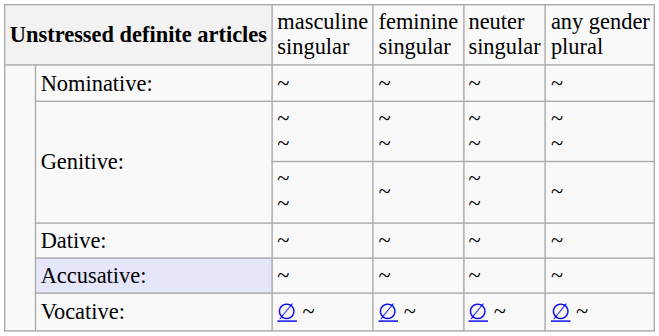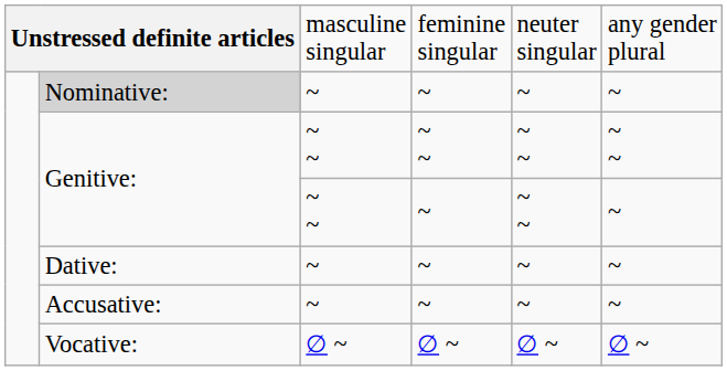 <table class="wikitable">
 <tr>
 <th colspan="2"><strong>Unstressed definite articles</strong></th>
 <td>masculine<br>singular</td>
 <td>feminine<br>singular</td>
 <td>neuter<br>singular</td>
 <td>any gender<br>plural</td>
 </tr>
 <tr>
 <td rowspan="6" style="width:5en"> </td>
-<td>Nominative:</td>
+<td style="background: lightgrey;">Nominative:</td>
 <td><em></em> ~</td>
 <td><em></em> ~</td>
 <td><em></em> ~</td>
 <td><em></em> ~</td>
 </tr>
 <tr>
 <td rowspan="2">Genitive:</td>
 <td><em></em> ~ <em></em> <br> <em></em> ~ <em></em></td>
 <td><em></em> ~ <em></em><br> <em></em> ~ <em></em></td>
 <td><em></em> ~ <em></em> <br> <em></em> ~ <em></em></td>
 <td><em></em> ~ <em></em> <br> <em></em> ~ <em></em></td>
 </tr>
 <tr>
 <td><em></em> ~ <br> <em></em> ~</td>
 <td><em></em> ~</td>
 <td><em></em> ~ <br> <em></em> ~</td>
 <td><em></em> ~</td>
 </tr>
 <tr>
 <td>Dative:</td>
 <td><em></em> ~</td>
 <td><em></em> ~</td>
 <td><em></em> ~</td>
 <td><em></em> ~</td>
 </tr>
 <tr>
-<td style="background: lavender;">Accusative:</td>
+<td>Accusative:</td>
 <td><em></em> ~</td>
 <td><em></em> ~</td>
 <td><em></em> ~</td>
 <td><em></em> ~</td>
 </tr>
 <tr>
 <td>Vocative:</td>
 <td><a href='#'>∅</a> ~</td>
 <td><a href='#'>∅</a> ~</td>
 <td><a href='#'>∅</a> ~</td>
 <td><a href='#'>∅</a> ~</td>
 </tr>
 </table>
